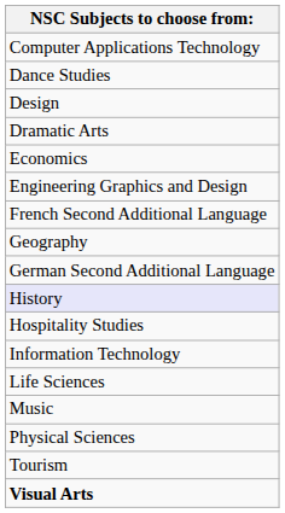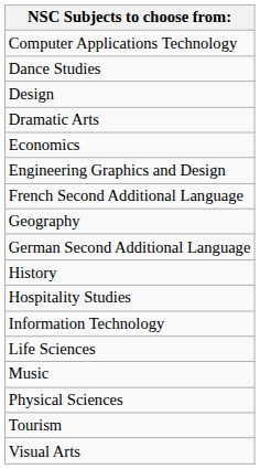 <table class="wikitable collapsible collapsed" border="0">
 <tr>
 <th>NSC Subjects to choose from:</th>
 </tr>
 <tr>
 <td>Computer Applications Technology</td>
 </tr>
 <tr>
 <td>Dance Studies</td>
 </tr>
 <tr>
 <td>Design</td>
 </tr>
 <tr>
 <td>Dramatic Arts</td>
 </tr>
 <tr>
 <td>Economics</td>
 </tr>
 <tr>
 <td>Engineering Graphics and Design</td>
 </tr>
 <tr>
 <td>French Second Additional Language</td>
 </tr>
 <tr>
 <td>Geography</td>
 </tr>
 <tr>
 <td>German Second Additional Language</td>
 </tr>
 <tr>
-<td style="background: lavender;">History</td>
+<td>History</td>
 </tr>
 <tr>
 <td>Hospitality Studies</td>
 </tr>
 <tr>
 <td>Information Technology</td>
 </tr>
 <tr>
 <td>Life Sciences</td>
 </tr>
 <tr>
 <td>Music</td>
 </tr>
 <tr>
 <td>Physical Sciences</td>
 </tr>
 <tr>
 <td>Tourism</td>
 </tr>
 <tr>
-<td><strong>Visual Arts</strong></td>
+<td>Visual Arts</td>
 </tr>
 </table>
